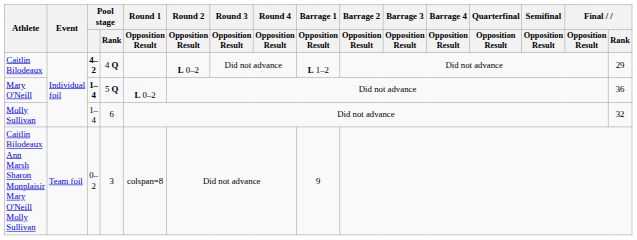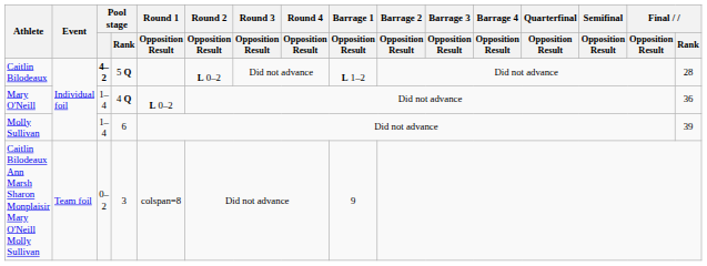 <table class=wikitable style=font-size:90%;text-align:center>
 <tr>
 <th rowspan=2>Athlete</th>
 <th rowspan=2>Event</th>
 <th colspan=2>Pool stage</th>
 <th>Round 1</th>
 <th>Round 2</th>
 <th>Round 3</th>
 <th>Round 4</th>
 <th>Barrage 1</th>
 <th>Barrage 2</th>
 <th>Barrage 3</th>
 <th>Barrage 4</th>
 <th>Quarterfinal</th>
 <th>Semifinal</th>
 <th colspan=2>Final /  / </th>
 </tr>
 <tr style=font-size:95%>
 <th></th>
 <th>Rank</th>
 <th>Opposition<br>Result</th>
 <th>Opposition<br>Result</th>
 <th>Opposition<br>Result</th>
 <th>Opposition<br>Result</th>
 <th>Opposition<br>Result</th>
 <th>Opposition<br>Result</th>
 <th>Opposition<br>Result</th>
 <th>Opposition<br>Result</th>
 <th>Opposition<br>Result</th>
 <th>Opposition<br>Result</th>
 <th>Opposition<br>Result</th>
 <th>Rank</th>
 </tr>
 <tr>
 <td align=left><a href='#'>Caitlin Bilodeaux</a></td>
 <td align=left rowspan=3><a href='#'>Individual foil</a></td>
 <td><strong>4–2</strong></td>
-<td>4 <strong>Q</strong></td>
+<td>5 <strong>Q</strong></td>
 <td></td>
 <td><br><strong>L</strong> 0–2</td>
 <td colspan=2>Did not advance</td>
 <td><br><strong>L</strong> 1–2</td>
 <td colspan=6>Did not advance</td>
-<td>29</td>
+<td>28</td>
 </tr>
 <tr>
 <td align=left><a href='#'>Mary O'Neill</a></td>
-<td><strong>1–4</strong></td>
-<td>5 <strong>Q</strong></td>
+<td>1–4</td>
+<td>4 <strong>Q</strong></td>
 <td><br><strong>L</strong> 0–2</td>
 <td colspan=10>Did not advance</td>
 <td>36</td>
 </tr>
 <tr>
 <td align=left><a href='#'>Molly Sullivan</a></td>
 <td>1–4</td>
 <td>6</td>
 <td colspan=11>Did not advance</td>
-<td>32</td>
+<td>39</td>
 </tr>
 <tr>
 <td align=left><a href='#'>Caitlin Bilodeaux</a><br><a href='#'>Ann Marsh</a><br><a href='#'>Sharon Monplaisir</a><br><a href='#'>Mary O'Neill</a><br><a href='#'>Molly Sullivan</a></td>
 <td align=left><a href='#'>Team foil</a></td>
 <td>0–2</td>
 <td>3</td>
 <td>colspan=8 </td>
 <td colspan=3>Did not advance</td>
 <td>9</td>
 </tr>
 </table>
